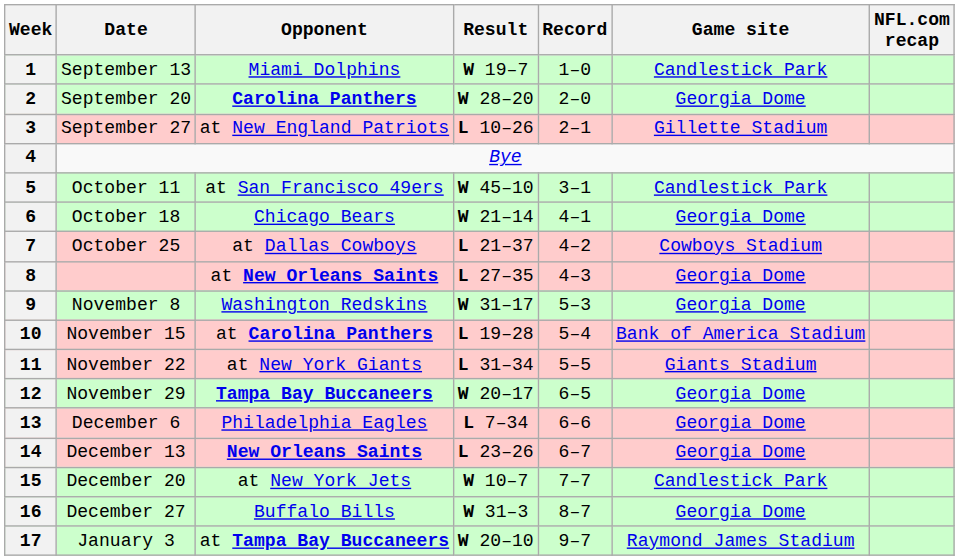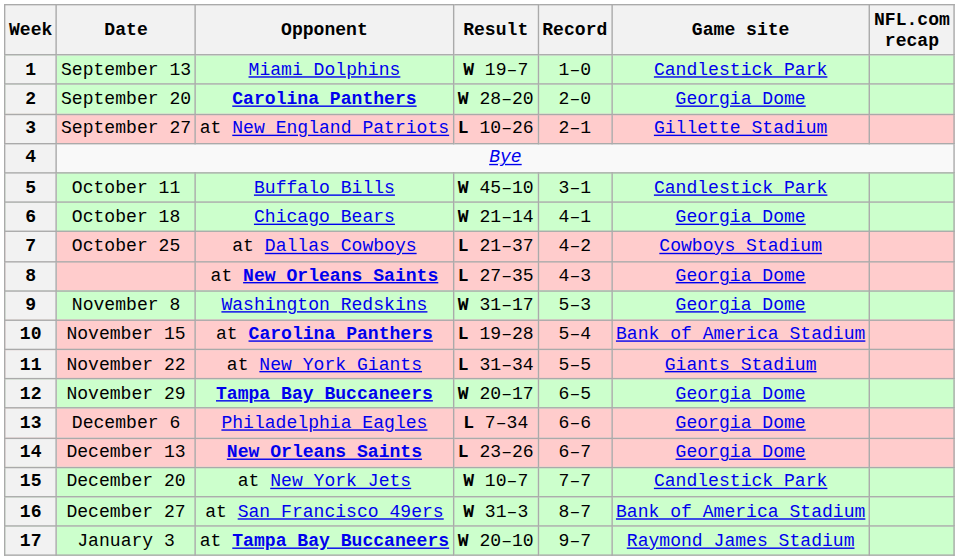 <table class="wikitable" style="text-align:center">
 <tr>
 <th>Week</th>
 <th>Date</th>
 <th>Opponent</th>
 <th>Result</th>
 <th>Record</th>
 <th>Game site</th>
 <th>NFL.com<br>recap</th>
 </tr>
 <tr bgcolor="ccffcc" align="center">
 <th align="center">1</th>
 <td align="center">September 13</td>
 <td align="center"><a href='#'>Miami Dolphins</a></td>
 <td align="center"><strong>W</strong> 19–7</td>
 <td align="center">1–0</td>
 <td align="center"><a href='#'>Candlestick Park</a></td>
 <td align="center"></td>
 </tr>
 <tr bgcolor="ccffcc" align="center">
 <th align="center">2</th>
 <td align="center">September 20</td>
 <td align="center"><strong><a href='#'>Carolina Panthers</a></strong></td>
 <td align="center"><strong>W</strong> 28–20</td>
 <td align="center">2–0</td>
 <td align="center"><a href='#'>Georgia Dome</a></td>
 <td align="center"></td>
 </tr>
 <tr style="background:#ffcccc" align="center">
 <th align="center">3</th>
 <td align="center">September 27</td>
 <td align="center">at <a href='#'>New England Patriots</a></td>
 <td align="center"><strong>L</strong> 10–26</td>
 <td align="center">2–1</td>
 <td align="center"><a href='#'>Gillette Stadium</a></td>
 <td align="center"></td>
 </tr>
 <tr>
 <th align="center">4</th>
 <td colspan="9" align="center"><em><a href='#'>Bye</a></em></td>
 </tr>
 <tr bgcolor="ccffcc" align="center">
 <th align="center">5</th>
 <td align="center">October 11</td>
-<td align="center">at <a href='#'>San Francisco 49ers</a></td>
+<td align="center"><a href='#'>Buffalo Bills</a></td>
 <td align="center"><strong>W</strong> 45–10</td>
 <td align="center">3–1</td>
 <td align="center"><a href='#'>Candlestick Park</a></td>
 <td align="center"></td>
 </tr>
 <tr bgcolor="ccffcc" align="center">
 <th align="center">6</th>
 <td align="center">October 18</td>
 <td align="center"><a href='#'>Chicago Bears</a></td>
 <td align="center"><strong>W</strong> 21–14</td>
 <td align="center">4–1</td>
 <td align="center"><a href='#'>Georgia Dome</a></td>
 <td align="center"></td>
 </tr>
 <tr style="background:#ffcccc" align="center">
 <th align="center">7</th>
 <td align="center">October 25</td>
 <td align="center">at <a href='#'>Dallas Cowboys</a></td>
 <td align="center"><strong>L</strong> 21–37</td>
 <td align="center">4–2</td>
 <td align="center"><a href='#'>Cowboys Stadium</a></td>
 <td align="center"></td>
 </tr>
 <tr style="background:#ffcccc" align="center">
 <th align="center">8</th>
 <td align="center"></td>
 <td align="center">at <strong><a href='#'>New Orleans Saints</a></strong></td>
 <td align="center"><strong>L</strong> 27–35</td>
 <td align="center">4–3</td>
 <td align="center"><a href='#'>Georgia Dome</a></td>
 <td align="center"></td>
 </tr>
 <tr bgcolor="ccffcc" align="center">
 <th align="center">9</th>
 <td align="center">November 8</td>
 <td align="center"><a href='#'>Washington Redskins</a></td>
 <td align="center"><strong>W</strong> 31–17</td>
 <td align="center">5–3</td>
 <td align="center"><a href='#'>Georgia Dome</a></td>
 <td align="center"></td>
 </tr>
 <tr style="background:#ffcccc" align="center">
 <th align="center">10</th>
 <td align="center">November 15</td>
 <td align="center">at <strong><a href='#'>Carolina Panthers</a></strong></td>
 <td align="center"><strong>L</strong> 19–28</td>
 <td align="center">5–4</td>
 <td align="center"><a href='#'>Bank of America Stadium</a></td>
 <td align="center"></td>
 </tr>
 <tr style="background:#ffcccc" align="center">
 <th align="center">11</th>
 <td align="center">November 22</td>
 <td align="center">at <a href='#'>New York Giants</a></td>
 <td align="center"><strong>L</strong> 31–34 </td>
 <td align="center">5–5</td>
 <td align="center"><a href='#'>Giants Stadium</a></td>
 <td align="center"></td>
 </tr>
 <tr bgcolor="ccffcc" align="center">
 <th align="center">12</th>
 <td align="center">November 29</td>
 <td align="center"><strong><a href='#'>Tampa Bay Buccaneers</a></strong></td>
 <td align="center"><strong>W</strong> 20–17</td>
 <td align="center">6–5</td>
 <td align="center"><a href='#'>Georgia Dome</a></td>
 <td align="center"></td>
 </tr>
 <tr style="background:#ffcccc" align="center">
 <th align="center">13</th>
 <td align="center">December 6</td>
 <td align="center"><a href='#'>Philadelphia Eagles</a></td>
 <td align="center"><strong>L</strong> 7–34</td>
 <td align="center">6–6</td>
 <td align="center"><a href='#'>Georgia Dome</a></td>
 <td align="center"></td>
 </tr>
 <tr style="background:#ffcccc" align="center">
 <th align="center">14</th>
 <td align="center">December 13</td>
 <td align="center"><strong><a href='#'>New Orleans Saints</a></strong></td>
 <td align="center"><strong>L</strong> 23–26</td>
 <td align="center">6–7</td>
 <td align="center"><a href='#'>Georgia Dome</a></td>
 <td align="center"></td>
 </tr>
 <tr style="background:#ccffcc" align="center">
 <th align="center">15</th>
 <td align="center">December 20</td>
 <td align="center">at <a href='#'>New York Jets</a></td>
 <td align="center"><strong>W</strong> 10–7</td>
 <td align="center">7–7</td>
 <td align="center"><a href='#'>Candlestick Park</a></td>
 <td align="center"></td>
 </tr>
 <tr style="background:#ccffcc" align="center">
 <th align="center">16</th>
 <td align="center">December 27</td>
-<td align="center"><a href='#'>Buffalo Bills</a></td>
+<td align="center">at <a href='#'>San Francisco 49ers</a></td>
 <td align="center"><strong>W</strong> 31–3</td>
 <td align="center">8–7</td>
-<td align="center"><a href='#'>Georgia Dome</a></td>
+<td align="center"><a href='#'>Bank of America Stadium</a></td>
 <td align="center"></td>
 </tr>
 <tr style="background:#ccffcc" align="center">
 <th align="center">17</th>
 <td align="center">January 3</td>
 <td align="center">at <strong><a href='#'>Tampa Bay Buccaneers</a></strong></td>
 <td align="center"><strong>W</strong> 20–10</td>
 <td align="center">9–7</td>
 <td align="center"><a href='#'>Raymond James Stadium</a></td>
 <td align="center"></td>
 </tr>
 </table>
